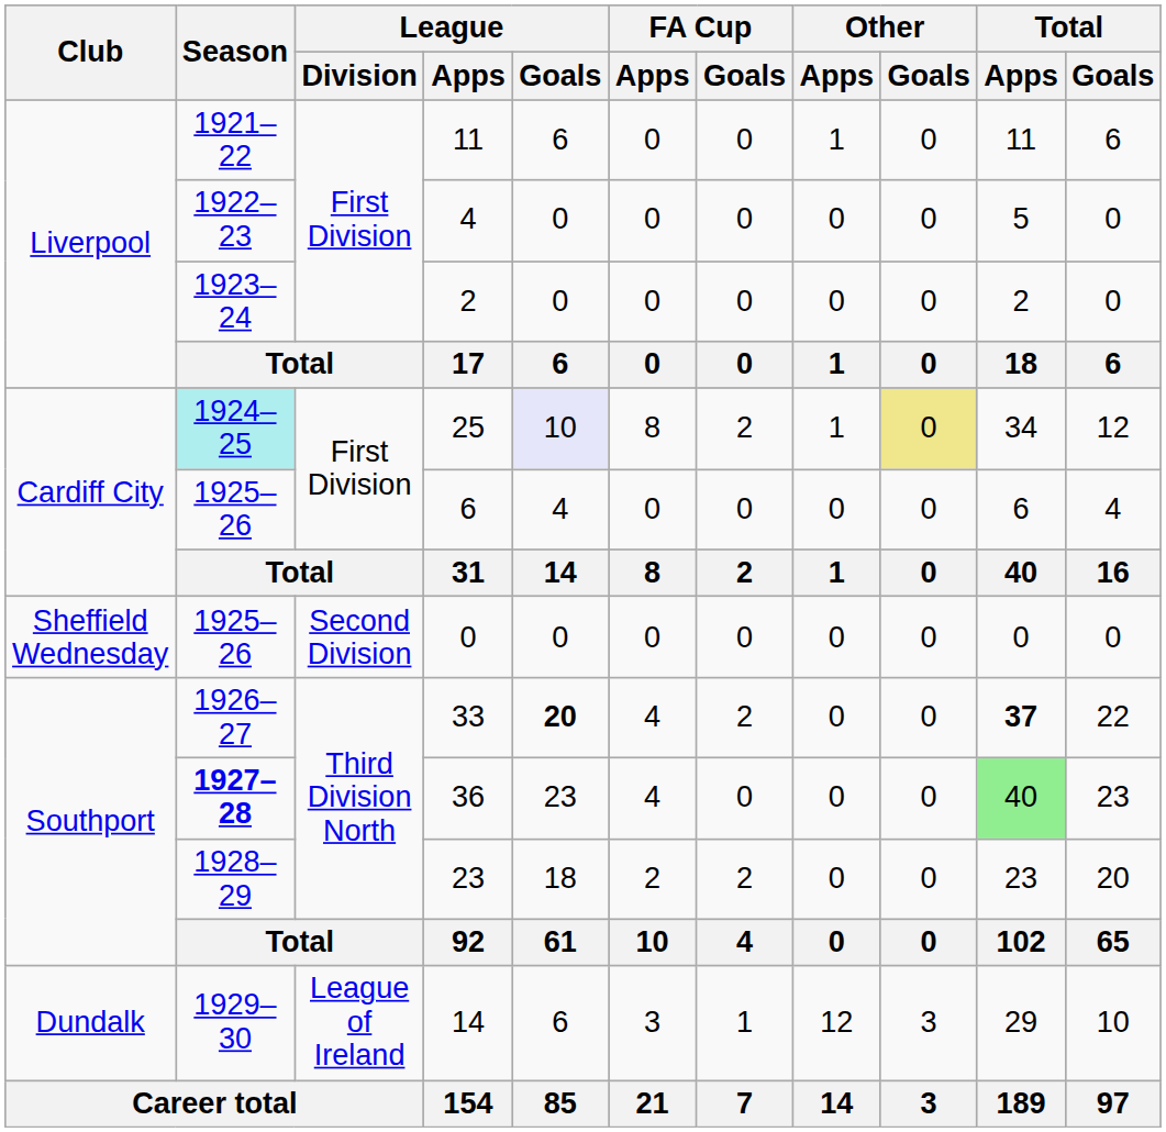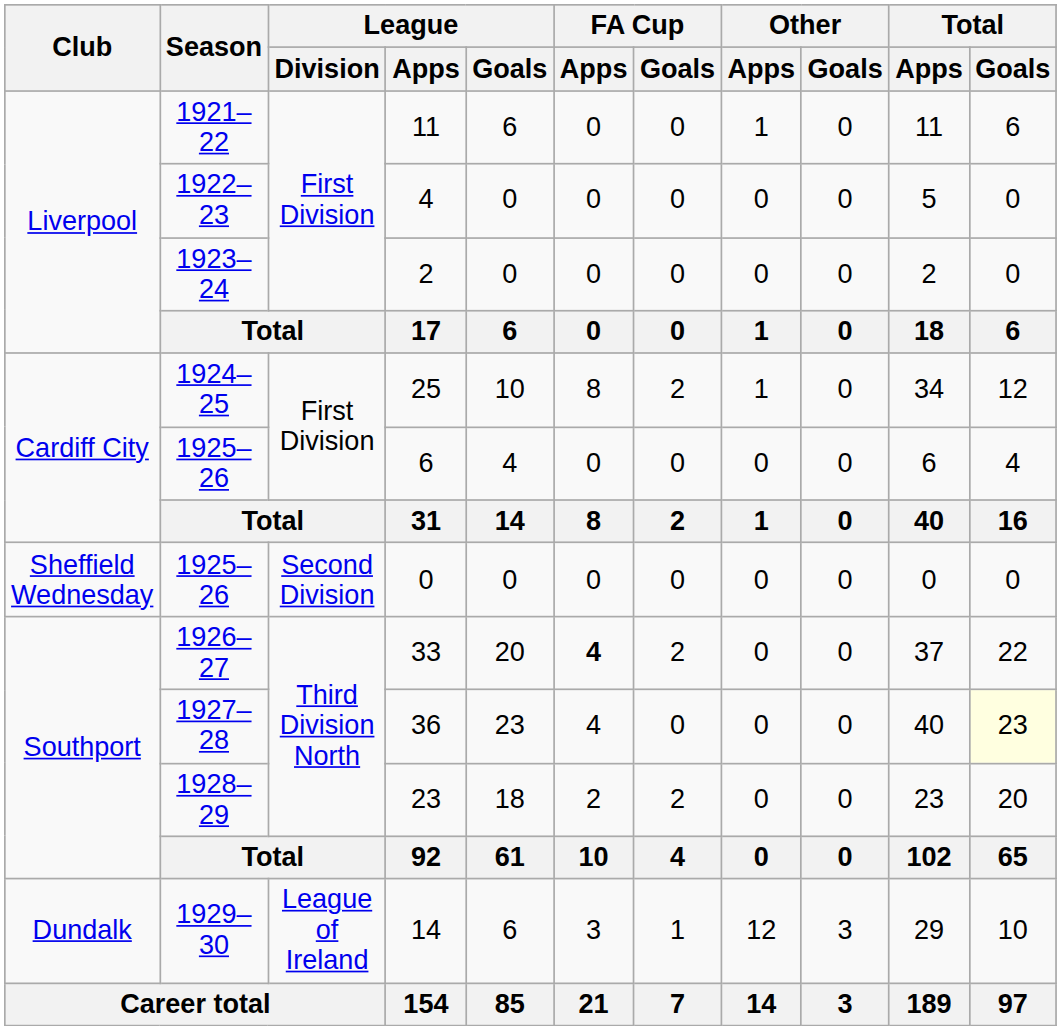 <table class="wikitable" style="text-align:center">
 <tr>
 <th rowspan="2">Club</th>
 <th rowspan="2">Season</th>
 <th colspan="3">League</th>
 <th colspan="2">FA Cup</th>
 <th colspan="2">Other</th>
 <th colspan="2">Total</th>
 </tr>
 <tr>
 <th>Division</th>
 <th>Apps</th>
 <th>Goals</th>
 <th>Apps</th>
 <th>Goals</th>
 <th>Apps</th>
 <th>Goals</th>
 <th>Apps</th>
 <th>Goals</th>
 </tr>
 <tr>
 <td rowspan="4"><a href='#'>Liverpool</a></td>
 <td><a href='#'>1921–22</a></td>
 <td rowspan="3"><a href='#'>First Division</a></td>
 <td>11</td>
 <td>6</td>
 <td>0</td>
 <td>0</td>
 <td>1</td>
 <td>0</td>
 <td>11</td>
 <td>6</td>
 </tr>
 <tr>
 <td><a href='#'>1922–23</a></td>
 <td>4</td>
 <td>0</td>
 <td>0</td>
 <td>0</td>
 <td>0</td>
 <td>0</td>
 <td>5</td>
 <td>0</td>
 </tr>
 <tr>
 <td><a href='#'>1923–24</a></td>
 <td>2</td>
 <td>0</td>
 <td>0</td>
 <td>0</td>
 <td>0</td>
 <td>0</td>
 <td>2</td>
 <td>0</td>
 </tr>
 <tr>
 <th colspan="2">Total</th>
 <th>17</th>
 <th>6</th>
 <th>0</th>
 <th>0</th>
 <th>1</th>
 <th>0</th>
 <th>18</th>
 <th>6</th>
 </tr>
 <tr>
 <td rowspan="3"><a href='#'>Cardiff City</a></td>
-<td style="background: paleturquoise;"><a href='#'>1924–25</a></td>
+<td><a href='#'>1924–25</a></td>
 <td rowspan="2">First Division</td>
 <td>25</td>
-<td style="background: lavender;">10</td>
+<td>10</td>
 <td>8</td>
 <td>2</td>
 <td>1</td>
-<td style="background: khaki;">0</td>
+<td>0</td>
 <td>34</td>
 <td>12</td>
 </tr>
 <tr>
 <td><a href='#'>1925–26</a></td>
 <td>6</td>
 <td>4</td>
 <td>0</td>
 <td>0</td>
 <td>0</td>
 <td>0</td>
 <td>6</td>
 <td>4</td>
 </tr>
 <tr>
 <th colspan="2">Total</th>
 <th>31</th>
 <th>14</th>
 <th>8</th>
 <th>2</th>
 <th>1</th>
 <th>0</th>
 <th>40</th>
 <th>16</th>
 </tr>
 <tr>
 <td><a href='#'>Sheffield Wednesday</a></td>
 <td><a href='#'>1925–26</a></td>
 <td><a href='#'>Second Division</a></td>
 <td>0</td>
 <td>0</td>
 <td>0</td>
 <td>0</td>
 <td>0</td>
 <td>0</td>
 <td>0</td>
 <td>0</td>
 </tr>
 <tr>
 <td rowspan="4"><a href='#'>Southport</a></td>
 <td><a href='#'>1926–27</a></td>
 <td rowspan="3"><a href='#'>Third Division North</a></td>
 <td>33</td>
-<td><strong>20</strong></td>
-<td>4</td>
+<td>20</td>
+<td><strong>4</strong></td>
 <td>2</td>
 <td>0</td>
 <td>0</td>
-<td><strong>37</strong></td>
+<td>37</td>
 <td>22</td>
 </tr>
 <tr>
-<td><strong><a href='#'>1927–28</a></strong></td>
+<td><a href='#'>1927–28</a></td>
 <td>36</td>
 <td>23</td>
 <td>4</td>
 <td>0</td>
 <td>0</td>
 <td>0</td>
-<td style="background: lightgreen;">40</td>
-<td>23</td>
+<td>40</td>
+<td style="background: lightyellow;">23</td>
 </tr>
 <tr>
 <td><a href='#'>1928–29</a></td>
 <td>23</td>
 <td>18</td>
 <td>2</td>
 <td>2</td>
 <td>0</td>
 <td>0</td>
 <td>23</td>
 <td>20</td>
 </tr>
 <tr>
 <th colspan="2">Total</th>
 <th>92</th>
 <th>61</th>
 <th>10</th>
 <th>4</th>
 <th>0</th>
 <th>0</th>
 <th>102</th>
 <th>65</th>
 </tr>
 <tr>
 <td><a href='#'>Dundalk</a></td>
 <td><a href='#'>1929–30</a></td>
 <td><a href='#'>League of Ireland</a></td>
 <td>14</td>
 <td>6</td>
 <td>3</td>
 <td>1</td>
 <td>12</td>
 <td>3</td>
 <td>29</td>
 <td>10</td>
 </tr>
 <tr>
 <th colspan="3">Career total</th>
 <th>154</th>
 <th>85</th>
 <th>21</th>
 <th>7</th>
 <th>14</th>
 <th>3</th>
 <th>189</th>
 <th>97</th>
 </tr>
 </table>
